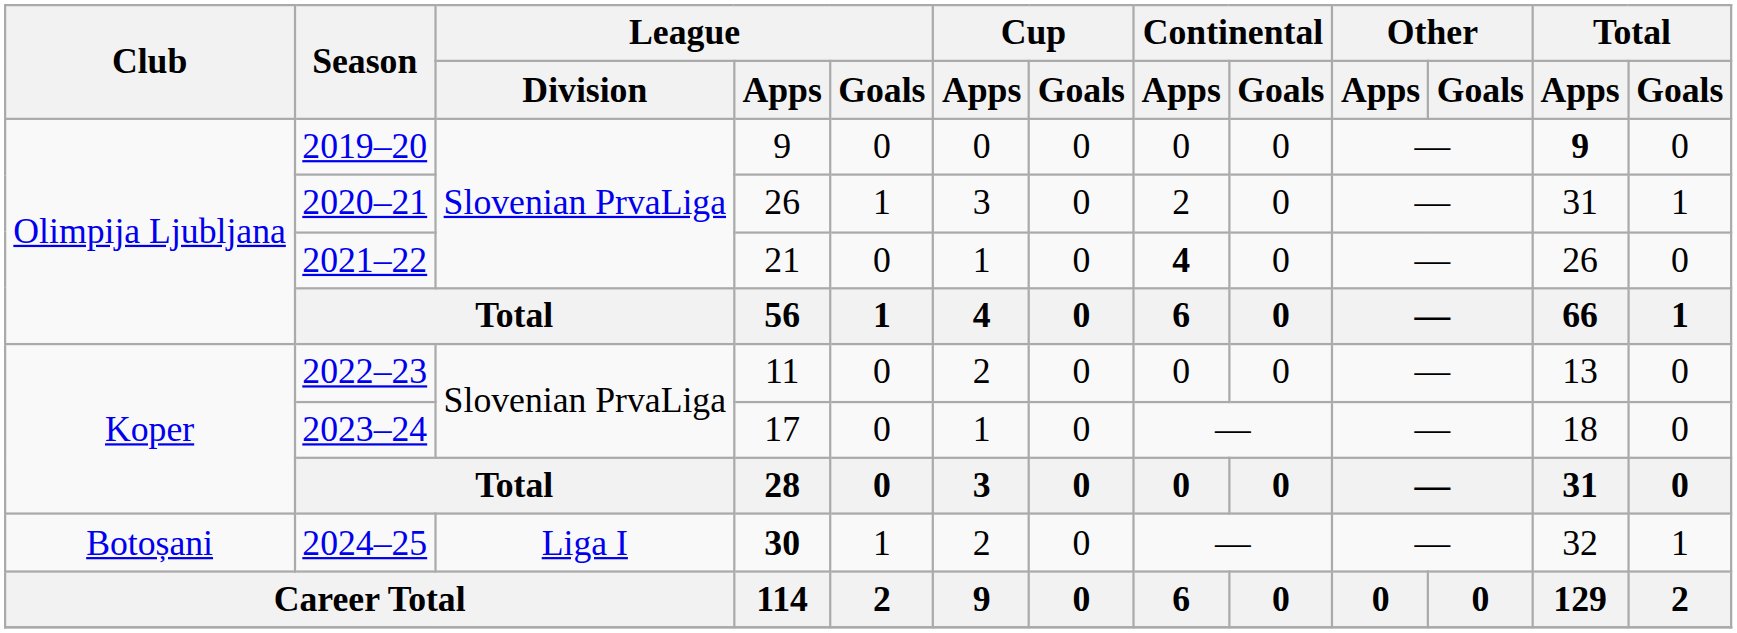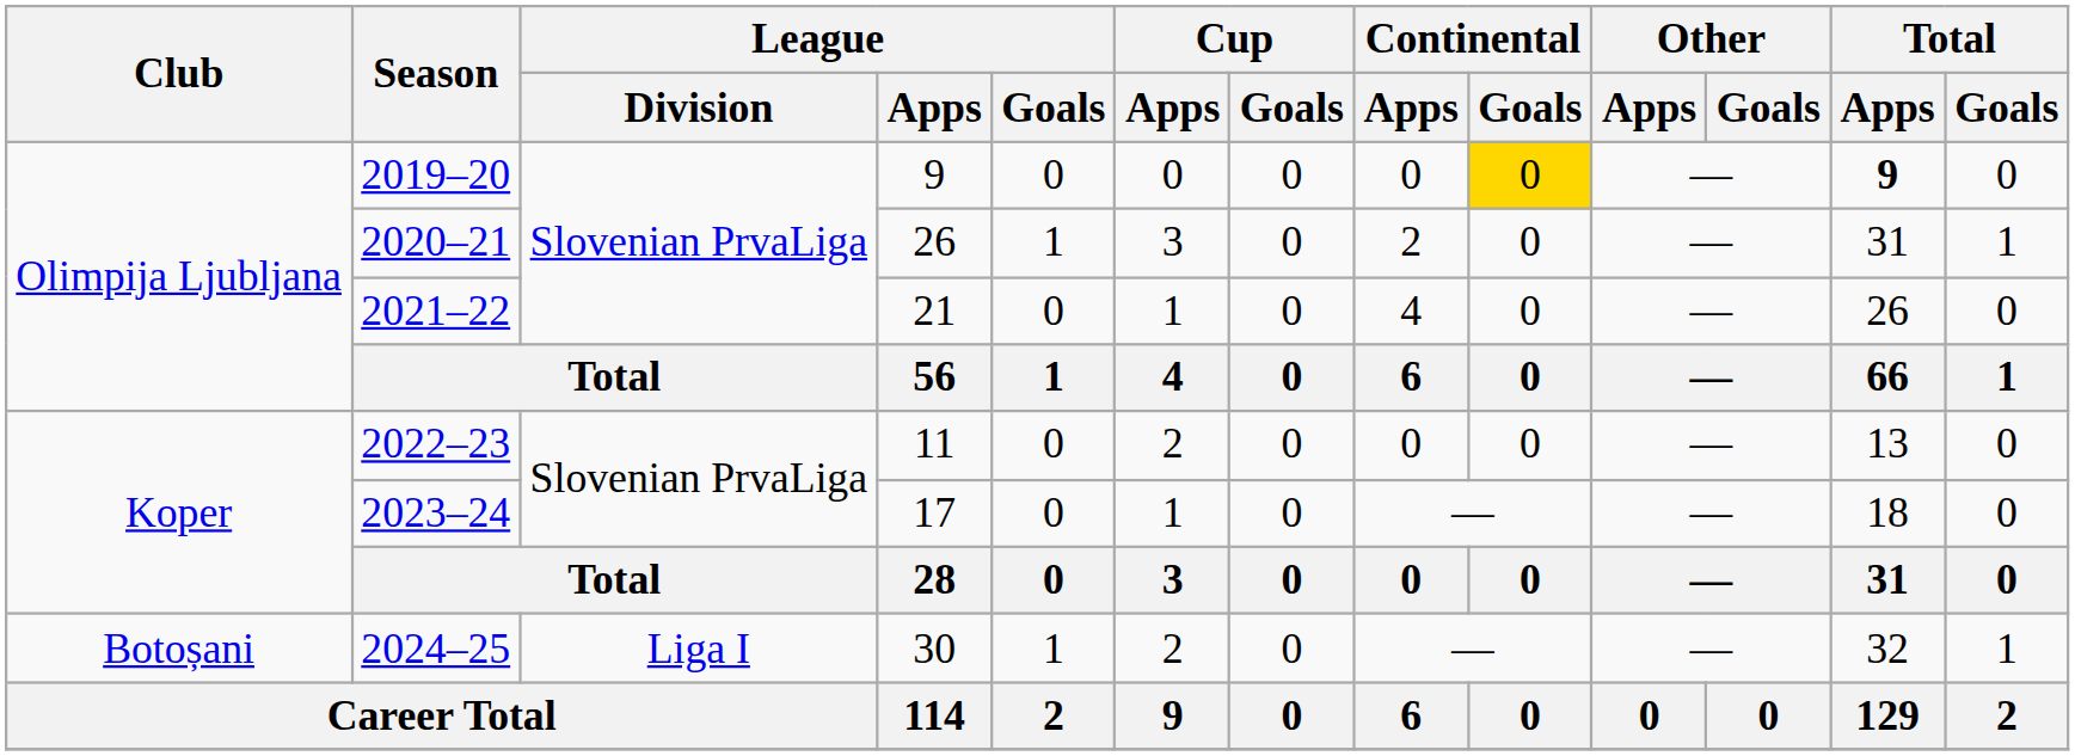 <table class="wikitable" style="text-align: center">
 <tr>
 <th rowspan="2">Club</th>
 <th rowspan="2">Season</th>
 <th colspan="3">League</th>
 <th colspan="2">Cup</th>
 <th colspan="2">Continental</th>
 <th colspan="2">Other</th>
 <th colspan="2">Total</th>
 </tr>
 <tr>
 <th>Division</th>
 <th>Apps</th>
 <th>Goals</th>
 <th>Apps</th>
 <th>Goals</th>
 <th>Apps</th>
 <th>Goals</th>
 <th>Apps</th>
 <th>Goals</th>
 <th>Apps</th>
 <th>Goals</th>
 </tr>
 <tr>
 <td rowspan="4"><a href='#'>Olimpija Ljubljana</a></td>
 <td><a href='#'>2019–20</a></td>
 <td rowspan="3"><a href='#'>Slovenian PrvaLiga</a></td>
 <td>9</td>
 <td>0</td>
 <td>0</td>
 <td>0</td>
 <td>0</td>
-<td>0</td>
+<td style="background: gold;">0</td>
 <td colspan="2">—</td>
 <td><strong>9</strong></td>
 <td>0</td>
 </tr>
 <tr>
 <td><a href='#'>2020–21</a></td>
 <td>26</td>
 <td>1</td>
 <td>3</td>
 <td>0</td>
 <td>2</td>
 <td>0</td>
 <td colspan="2">—</td>
 <td>31</td>
 <td>1</td>
 </tr>
 <tr>
 <td><a href='#'>2021–22</a></td>
 <td>21</td>
 <td>0</td>
 <td>1</td>
 <td>0</td>
-<td><strong>4</strong></td>
+<td>4</td>
 <td>0</td>
 <td colspan="2">—</td>
 <td>26</td>
 <td>0</td>
 </tr>
 <tr>
 <th colspan="2">Total</th>
 <th>56</th>
 <th>1</th>
 <th>4</th>
 <th>0</th>
 <th>6</th>
 <th>0</th>
 <th colspan="2">—</th>
 <th>66</th>
 <th>1</th>
 </tr>
 <tr>
 <td rowspan="3"><a href='#'>Koper</a></td>
 <td><a href='#'>2022–23</a></td>
 <td rowspan="2">Slovenian PrvaLiga</td>
 <td>11</td>
 <td>0</td>
 <td>2</td>
 <td>0</td>
 <td>0</td>
 <td>0</td>
 <td colspan="2">—</td>
 <td>13</td>
 <td>0</td>
 </tr>
 <tr>
 <td><a href='#'>2023–24</a></td>
 <td>17</td>
 <td>0</td>
 <td>1</td>
 <td>0</td>
 <td colspan="2">—</td>
 <td colspan="2">—</td>
 <td>18</td>
 <td>0</td>
 </tr>
 <tr>
 <th colspan="2">Total</th>
 <th>28</th>
 <th>0</th>
 <th>3</th>
 <th>0</th>
 <th>0</th>
 <th>0</th>
 <th colspan="2">—</th>
 <th>31</th>
 <th>0</th>
 </tr>
 <tr>
 <td rowspan="1"><a href='#'>Botoșani</a></td>
 <td><a href='#'>2024–25</a></td>
 <td rowspan="1"><a href='#'>Liga I</a></td>
-<td><strong>30</strong></td>
+<td>30</td>
 <td>1</td>
 <td>2</td>
 <td>0</td>
 <td colspan="2">—</td>
 <td colspan="2">—</td>
 <td>32</td>
 <td>1</td>
 </tr>
 <tr>
 <th colspan="3">Career Total</th>
 <th>114</th>
 <th>2</th>
 <th>9</th>
 <th>0</th>
 <th>6</th>
 <th>0</th>
 <th>0</th>
 <th>0</th>
 <th>129</th>
 <th>2</th>
 </tr>
 <tr>
 </tr>
 </table>
